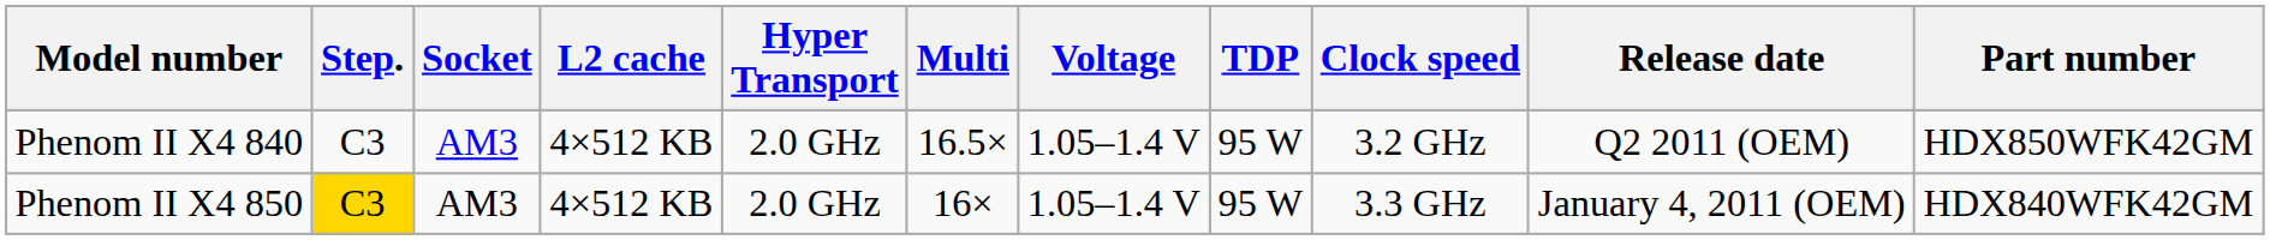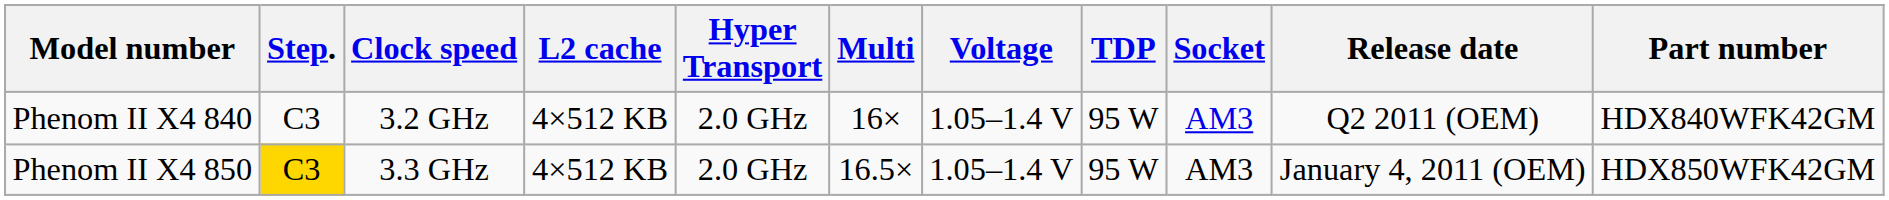 <table class="wikitable" style="text-align: center">
 <tr>
 <th>Model number</th>
 <th><a href='#'>Step</a>.</th>
-<th><a href='#'>Socket</a></th>
+<th><a href='#'>Clock speed</a></th>
 <th><a href='#'>L2 cache</a></th>
 <th><a href='#'>Hyper<br>Transport</a></th>
 <th><a href='#'>Multi</a></th>
 <th><a href='#'>Voltage</a></th>
 <th><a href='#'>TDP</a><br></th>
-<th><a href='#'>Clock speed</a></th>
+<th><a href='#'>Socket</a></th>
 <th>Release date</th>
 <th>Part number</th>
 </tr>
 <tr>
 <td style="text-align:left">Phenom II X4 840</td>
 <td>C3</td>
-<td><a href='#'>AM3</a></td>
+<td>3.2 GHz</td>
 <td style="white-space: nowrap;">4×512 KB</td>
 <td>2.0 GHz</td>
-<td>16.5×</td>
+<td>16×</td>
 <td style="white-space: nowrap;">1.05–1.4 V</td>
 <td style="white-space: nowrap;">95 W</td>
-<td>3.2 GHz</td>
+<td><a href='#'>AM3</a></td>
 <td>Q2 2011 (OEM)</td>
-<td>HDX850WFK42GM</td>
+<td>HDX840WFK42GM</td>
 </tr>
 <tr>
 <td style="text-align:left">Phenom II X4 850</td>
 <td style="background: gold;">C3</td>
-<td>AM3</td>
+<td>3.3 GHz</td>
 <td>4×512 KB</td>
 <td>2.0 GHz</td>
-<td>16×</td>
+<td>16.5×</td>
 <td>1.05–1.4 V</td>
 <td>95 W</td>
-<td>3.3 GHz</td>
+<td>AM3</td>
 <td>January 4, 2011 (OEM)</td>
-<td>HDX840WFK42GM</td>
+<td>HDX850WFK42GM</td>
 </tr>
 </table>
